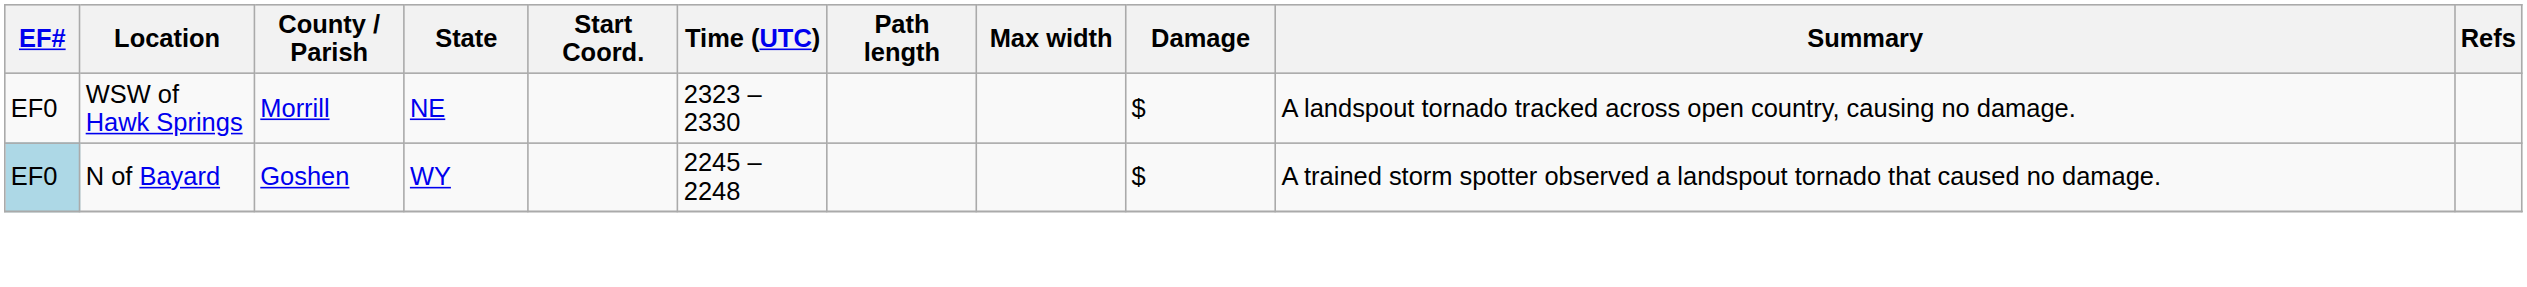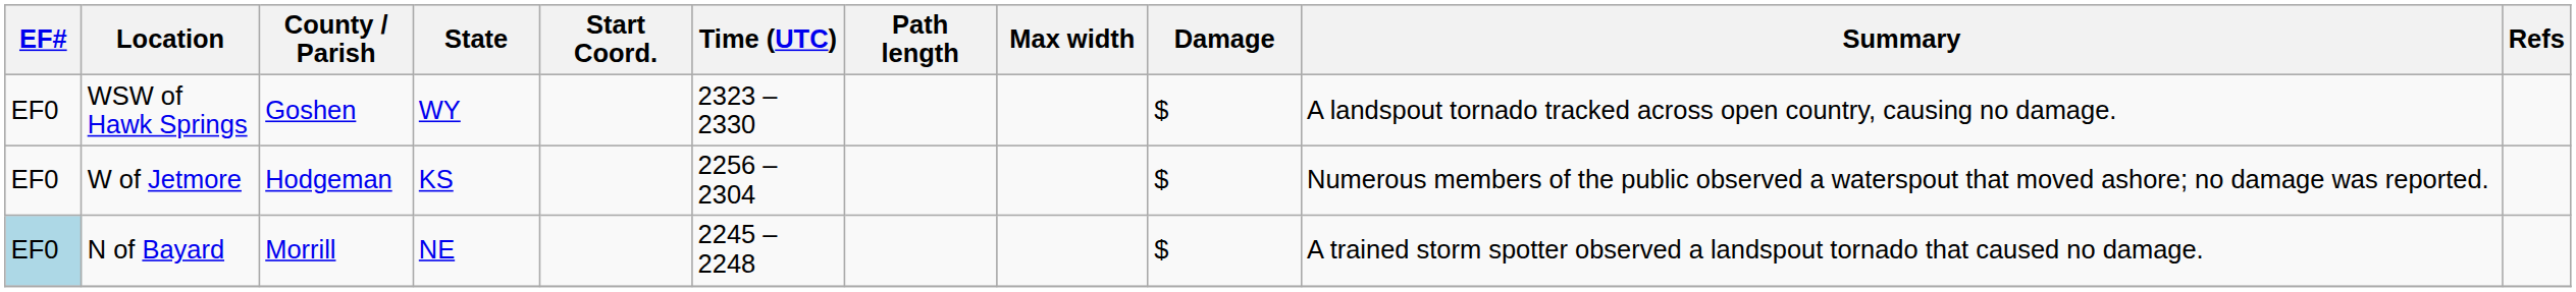 <table class="wikitable sortable" style="width:100%;">
 <tr>
 <th scope="col" width="3%" align="center"><a href='#'>EF#</a></th>
 <th scope="col" width="7%" align="center" class="unsortable">Location</th>
 <th scope="col" width="6%" align="center" class="unsortable">County / Parish</th>
 <th scope="col" width="5%" align="center">State</th>
 <th scope="col" width="6%" align="center">Start Coord.</th>
 <th scope="col" width="6%" align="center">Time (<a href='#'>UTC</a>)</th>
 <th scope="col" width="6%" align="center">Path length</th>
 <th scope="col" width="6%" align="center">Max width</th>
 <th scope="col" width="6%" align="center">Damage</th>
 <th scope="col" width="48%" class="unsortable" align="center">Summary</th>
 <th scope="col" width="48%" class="unsortable" align="center">Refs</th>
 </tr>
 <tr>
 <td>EF0</td>
 <td>WSW of <a href='#'>Hawk Springs</a></td>
-<td><a href='#'>Morrill</a></td>
-<td><a href='#'>NE</a></td>
+<td><a href='#'>Goshen</a></td>
+<td><a href='#'>WY</a></td>
 <td></td>
 <td>2323 – 2330</td>
 <td></td>
 <td></td>
 <td>$</td>
 <td>A landspout tornado tracked across open country, causing no damage.</td>
 <td></td>
 </tr>
 <tr>
+<td>EF0</td>
+<td>W of <a href='#'>Jetmore</a></td>
+<td><a href='#'>Hodgeman</a></td>
+<td><a href='#'>KS</a></td>
+<td></td>
+<td>2256 – 2304</td>
+<td></td>
+<td></td>
+<td>$</td>
+<td>Numerous members of the public observed a waterspout that moved ashore; no damage was reported.</td>
+<td></td>
+</tr>
+<tr>
 <td style="background: lightblue;">EF0</td>
 <td>N of <a href='#'>Bayard</a></td>
-<td><a href='#'>Goshen</a></td>
-<td><a href='#'>WY</a></td>
+<td><a href='#'>Morrill</a></td>
+<td><a href='#'>NE</a></td>
 <td></td>
 <td>2245 – 2248</td>
 <td></td>
 <td></td>
 <td>$</td>
 <td>A trained storm spotter observed a landspout tornado that caused no damage.</td>
 <td></td>
 </tr>
 <tr>
 </tr>
 </table>
